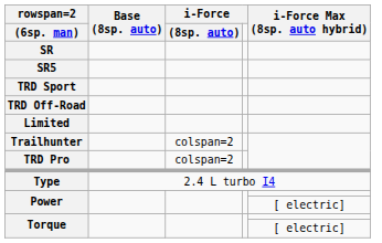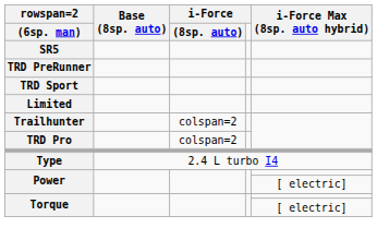 <table class="wikitable unsortable" style="font-size:90%;text-align:center;">
 <tr>
 <th>rowspan=2 </th>
 <th rowspan=2>Base<br>(8sp. <a href='#'>auto</a>)</th>
 <th colspan=2>i-Force</th>
 <th rowspan=2>i-Force Max<br>(8sp. <a href='#'>auto</a> hybrid)</th>
 </tr>
 <tr>
 <th>(6sp. <a href='#'>man</a>)</th>
 <th>(8sp. <a href='#'>auto</a>)</th>
 </tr>
 <tr>
-<th>SR</th>
-<td></td>
-<td></td>
-<td></td>
-<td></td>
-</tr>
-<tr>
 <th>SR5</th>
 <td></td>
 <td></td>
 <td></td>
 <td></td>
 </tr>
 <tr>
-<th>TRD Sport</th>
+<th>TRD PreRunner</th>
 <td></td>
 <td></td>
 <td></td>
 <td></td>
 </tr>
 <tr>
-<th>TRD Off-Road</th>
+<th>TRD Sport</th>
 <td></td>
 <td></td>
 <td></td>
 <td></td>
 </tr>
 <tr>
 <th>Limited</th>
 <td></td>
 <td></td>
 <td></td>
 <td></td>
 </tr>
 <tr>
 <th>Trailhunter</th>
 <td></td>
 <td>colspan=2 </td>
 <td></td>
 </tr>
 <tr>
 <th>TRD Pro</th>
 <td></td>
 <td>colspan=2 </td>
 <td></td>
 </tr>
 <tr>
 <td colspan=5 style="font-size:50%;background:#aaa;" data-sort-value="zzz"></td>
 </tr>
 <tr>
 <th data-sort-value="zzzb">Type</th>
 <td colspan=4>2.4 L turbo <a href='#'>I4</a></td>
 </tr>
 <tr>
 <th data-sort-value="zzzc" rowspan=2>Power</th>
 <td rowspan=2></td>
 <td rowspan=2></td>
 <td rowspan=2></td>
 <td></td>
 </tr>
 <tr>
 <td>[ electric]</td>
 </tr>
 <tr>
 <th data-sort-value="zzzd" rowspan=2>Torque</th>
 <td rowspan=2></td>
 <td rowspan=2></td>
 <td rowspan=2></td>
 <td></td>
 </tr>
 <tr>
 <td>[ electric]</td>
 </tr>
 </table>
